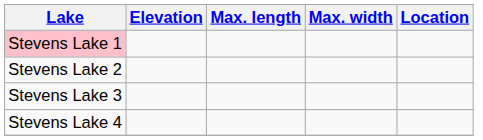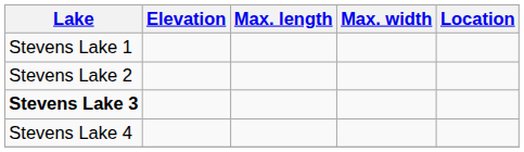 <table class="wikitable sortable">
 <tr>
 <th><a href='#'>Lake</a></th>
 <th><a href='#'>Elevation</a></th>
 <th><a href='#'>Max. length</a></th>
 <th><a href='#'>Max. width</a></th>
 <th><a href='#'>Location</a></th>
 </tr>
 <tr>
-<td style="background: pink;">Stevens Lake 1</td>
+<td>Stevens Lake 1</td>
 <td></td>
 <td></td>
 <td></td>
 <td></td>
 </tr>
 <tr>
 <td>Stevens Lake 2</td>
 <td></td>
 <td></td>
 <td></td>
 <td></td>
 </tr>
 <tr>
-<td>Stevens Lake 3</td>
+<td><strong>Stevens Lake 3</strong></td>
 <td></td>
 <td></td>
 <td></td>
 <td></td>
 </tr>
 <tr>
 <td>Stevens Lake 4</td>
 <td></td>
 <td></td>
 <td></td>
 <td></td>
 </tr>
 <tr>
 </tr>
 </table>
